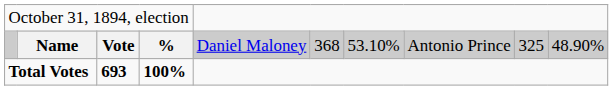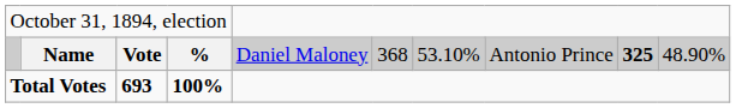 <table class="wikitable">
 <tr>
 <td colspan=4 align=center>October 31, 1894, election</td>
 </tr>
 <tr bgcolor="CCCCCC">
 <td></td>
 <th><strong>Name </strong></th>
 <th><strong>Vote</strong></th>
 <th><strong>%</strong><br></th>
 <td><a href='#'>Daniel Maloney</a></td>
 <td>368</td>
 <td>53.10%<br></td>
 <td>Antonio Prince</td>
-<td>325</td>
+<td><strong>325</strong></td>
 <td>48.90%</td>
 </tr>
 <tr>
 <td colspan=2><strong>Total Votes</strong></td>
 <td><strong>693</strong></td>
 <td><strong>100%</strong></td>
 </tr>
 </table>
